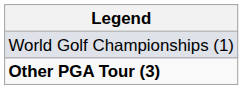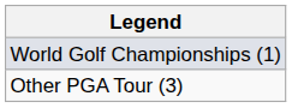 <table class="wikitable" style="font-size:95%;">
 <tr>
 <th>Legend</th>
 </tr>
 <tr style="background:#dfe2e9;">
 <td>World Golf Championships (1)</td>
 </tr>
 <tr>
-<td><strong>Other PGA Tour (3)</strong></td>
+<td>Other PGA Tour (3)</td>
 </tr>
 </table>
